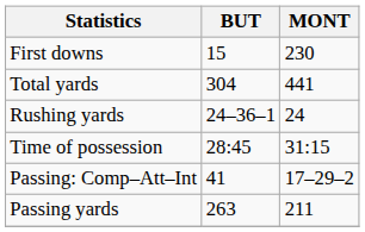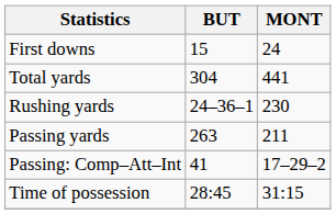 <table class="wikitable" style="float: left;">
 <tr>
 <th>Statistics</th>
 <th>BUT</th>
 <th>MONT</th>
 </tr>
 <tr>
 <td>First downs</td>
 <td>15</td>
-<td>230</td>
+<td>24</td>
 </tr>
 <tr>
 <td>Total yards</td>
 <td>304</td>
 <td>441</td>
 </tr>
 <tr>
 <td>Rushing yards</td>
 <td>24–36–1</td>
-<td>24</td>
+<td>230</td>
+</tr>
+<tr>
+<td>Passing yards</td>
+<td>263</td>
+<td>211</td>
+</tr>
+<tr>
+<td>Passing: Comp–Att–Int</td>
+<td>41</td>
+<td>17–29–2</td>
 </tr>
 <tr>
 <td>Time of possession</td>
 <td>28:45</td>
 <td>31:15</td>
 </tr>
 <tr>
-<td>Passing: Comp–Att–Int</td>
-<td>41</td>
-<td>17–29–2</td>
-</tr>
-<tr>
-<td>Passing yards</td>
-<td>263</td>
-<td>211</td>
-</tr>
-<tr>
 </tr>
 </table>
